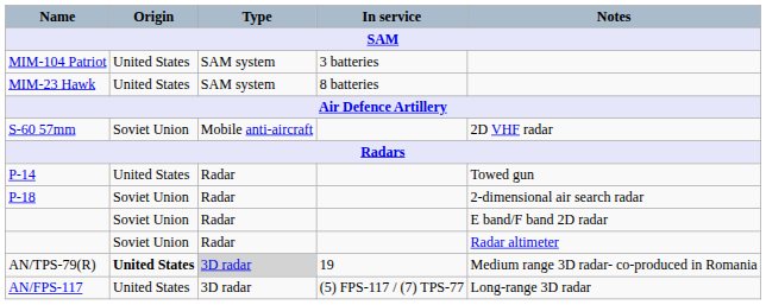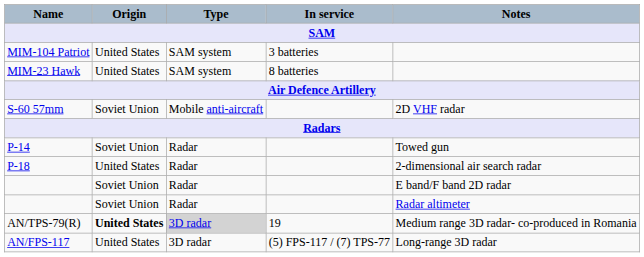 <table class="wikitable">
 <tr>
 <th style="text-align:center; background:#aabccc;">Name</th>
 <th style="text-align: center; background:#aabccc;">Origin</th>
 <th style="text-align:l center; background:#aabccc;">Type</th>
 <th style="text-align:l center; background:#aabccc;">In service</th>
 <th style="text-align: center; background:#aabccc;">Notes</th>
 </tr>
 <tr>
 <th style="align: center; background: lavender;" colspan="7"><a href='#'>SAM</a></th>
 </tr>
 <tr>
 <td><a href='#'>MIM-104 Patriot</a></td>
 <td>United States</td>
 <td>SAM system</td>
 <td>3 batteries</td>
 <td></td>
 </tr>
 <tr>
 <td><a href='#'>MIM-23 Hawk</a></td>
 <td>United States</td>
 <td>SAM system</td>
 <td>8 batteries</td>
 <td></td>
 </tr>
 <tr>
 <th style="align: center; background: lavender;" colspan="7"><a href='#'>Air Defence Artillery</a></th>
 </tr>
 <tr>
 <td><a href='#'>S-60 57mm</a></td>
 <td>Soviet Union</td>
 <td>Mobile <a href='#'>anti-aircraft</a></td>
 <td></td>
 <td>2D <a href='#'>VHF</a> radar</td>
 </tr>
 <tr>
 <th style="align: center; background: lavender;" colspan="7"><a href='#'>Radars</a></th>
 </tr>
 <tr>
 <td><a href='#'>P-14</a></td>
-<td>United States</td>
+<td>Soviet Union</td>
 <td>Radar</td>
 <td></td>
 <td>Towed gun</td>
 </tr>
 <tr>
 <td><a href='#'>P-18</a></td>
-<td>Soviet Union</td>
+<td>United States</td>
 <td>Radar</td>
 <td></td>
 <td>2-dimensional air search radar</td>
 </tr>
 <tr>
 <td></td>
 <td>Soviet Union</td>
 <td>Radar</td>
 <td></td>
 <td>E band/F band 2D radar</td>
 </tr>
 <tr>
 <td></td>
 <td>Soviet Union</td>
 <td>Radar</td>
 <td></td>
 <td><a href='#'>Radar altimeter</a></td>
 </tr>
 <tr>
 <td>AN/TPS-79(R)</td>
 <td><strong>United States</strong></td>
 <td style="background: lightgrey;"><a href='#'>3D radar</a></td>
 <td>19</td>
 <td>Medium range 3D radar- co-produced in Romania</td>
 </tr>
 <tr>
 <td><a href='#'>AN/FPS-117</a></td>
 <td>United States</td>
 <td>3D radar</td>
 <td>(5) FPS-117 / (7) TPS-77</td>
 <td>Long-range 3D radar</td>
 </tr>
 </table>
